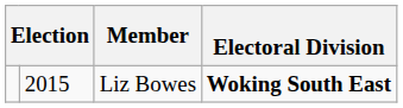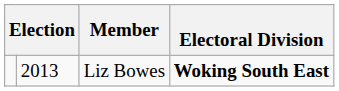 <table class="wikitable">
 <tr>
 <th colspan="2">Election</th>
 <th>Member</th>
 <th><br>Electoral Division</th>
 </tr>
 <tr>
 <td style="background-color: "></td>
-<td>2015</td>
+<td>2013</td>
 <td>Liz Bowes</td>
 <td><strong>Woking South East</strong></td>
 </tr>
 </table>
